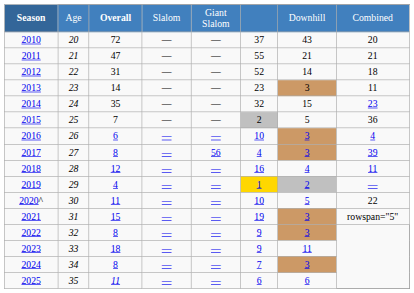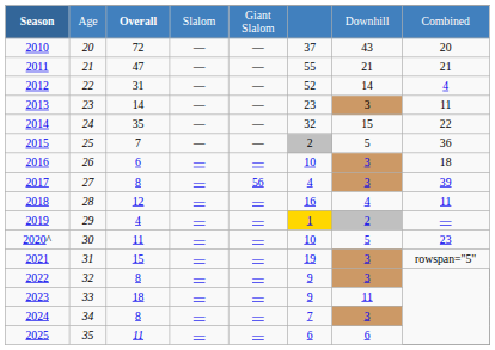 <table class="wikitable"  style="font-size:95%; text-align:center; border:gray solid 1px; width:40%;">
 <tr style="background:#369; color:white;">
 <td rowspan="2" style="width:6%;"><strong>Season</strong></td>
 </tr>
 <tr style="background:#4180be; color:white;">
 <td style="width:3%;">Age</td>
 <td style="width:5%;"><strong>Overall</strong></td>
 <td style="width:5%;">Slalom</td>
 <td style="width:5%;">Giant<br>Slalom</td>
 <td style="width:5%;"></td>
 <td style="width:5%;">Downhill</td>
 <td style="width:5%;">Combined</td>
 </tr>
 <tr>
 <td><a href='#'>2010</a></td>
 <td><em>20</em></td>
 <td>72</td>
 <td>—</td>
 <td>—</td>
 <td>37</td>
 <td>43</td>
 <td>20</td>
 </tr>
 <tr>
 <td><a href='#'>2011</a></td>
 <td><em>21</em></td>
 <td>47</td>
 <td>—</td>
 <td>—</td>
 <td>55</td>
 <td>21</td>
 <td>21</td>
 </tr>
 <tr>
 <td><a href='#'>2012</a></td>
 <td><em>22</em></td>
 <td>31</td>
 <td>—</td>
 <td>—</td>
 <td>52</td>
 <td>14</td>
-<td>18</td>
+<td><a href='#'>4</a></td>
 </tr>
 <tr>
 <td><a href='#'>2013</a></td>
 <td><em>23</em></td>
 <td>14</td>
 <td>—</td>
 <td>—</td>
 <td>23</td>
 <td bgcolor="cc9966">3</td>
 <td>11</td>
 </tr>
 <tr>
 <td><a href='#'>2014</a></td>
 <td><em>24</em></td>
 <td>35</td>
 <td>—</td>
 <td>—</td>
 <td>32</td>
 <td>15</td>
-<td><a href='#'>23</a></td>
+<td>22</td>
 </tr>
 <tr>
 <td><a href='#'>2015</a></td>
 <td><em>25</em></td>
 <td>7</td>
 <td>—</td>
 <td>—</td>
 <td style="background:silver;">2</td>
 <td>5</td>
 <td>36</td>
 </tr>
 <tr>
 <td><a href='#'>2016</a></td>
 <td><em>26</em></td>
 <td><a href='#'>6</a></td>
 <td><a href='#'>—</a></td>
 <td><a href='#'>—</a></td>
 <td><a href='#'>10</a></td>
 <td bgcolor="cc9966"><a href='#'>3</a></td>
-<td><a href='#'>4</a></td>
+<td>18</td>
 </tr>
 <tr>
 <td><a href='#'>2017</a></td>
 <td><em>27</em></td>
 <td><a href='#'>8</a></td>
 <td><a href='#'>—</a></td>
 <td><a href='#'>56</a></td>
 <td><a href='#'>4</a></td>
 <td bgcolor="cc9966"><a href='#'>3</a></td>
 <td><a href='#'>39</a></td>
 </tr>
 <tr>
 <td><a href='#'>2018</a></td>
 <td><em>28</em></td>
 <td><a href='#'>12</a></td>
 <td><a href='#'>—</a></td>
 <td><a href='#'>—</a></td>
 <td><a href='#'>16</a></td>
 <td><a href='#'>4</a></td>
 <td><a href='#'>11</a></td>
 </tr>
 <tr>
 <td><a href='#'>2019</a></td>
 <td><em>29</em></td>
 <td><a href='#'>4</a></td>
 <td><a href='#'>—</a></td>
 <td><a href='#'>—</a></td>
 <td style="background:gold;"><a href='#'>1</a></td>
 <td style="background:silver;"><a href='#'>2</a></td>
 <td><a href='#'>—</a></td>
 </tr>
 <tr>
 <td><a href='#'>2020</a>^</td>
 <td><em>30</em></td>
 <td><a href='#'>11</a></td>
 <td><a href='#'>—</a></td>
 <td><a href='#'>—</a></td>
 <td><a href='#'>10</a></td>
 <td><a href='#'>5</a></td>
-<td>22</td>
+<td><a href='#'>23</a></td>
 </tr>
 <tr>
 <td><a href='#'>2021</a></td>
 <td><em>31</em></td>
 <td><a href='#'>15</a></td>
 <td><a href='#'>—</a></td>
 <td><a href='#'>—</a></td>
 <td><a href='#'>19</a></td>
 <td style="background:#c96;"><a href='#'>3</a></td>
 <td>rowspan="5" </td>
 </tr>
 <tr>
 <td><a href='#'>2022</a></td>
 <td><em>32</em></td>
 <td><a href='#'>8</a></td>
 <td><a href='#'>—</a></td>
 <td><a href='#'>—</a></td>
 <td><a href='#'>9</a></td>
 <td style="background:#c96;"><a href='#'>3</a></td>
 </tr>
 <tr>
 <td><a href='#'>2023</a></td>
 <td><em>33</em></td>
 <td><a href='#'>18</a></td>
 <td><a href='#'>—</a></td>
 <td><a href='#'>—</a></td>
 <td><a href='#'>9</a></td>
 <td><a href='#'>11</a></td>
 </tr>
 <tr>
 <td><a href='#'>2024</a></td>
 <td><em>34</em></td>
 <td><a href='#'>8</a></td>
 <td><a href='#'>—</a></td>
 <td><a href='#'>—</a></td>
 <td><a href='#'>7</a></td>
 <td style="background:#c96;"><a href='#'>3</a></td>
 </tr>
 <tr>
 <td><a href='#'>2025</a></td>
 <td><em>35</em></td>
 <td><a href='#'><em>11</em></a></td>
 <td><a href='#'>—</a></td>
 <td><a href='#'>—</a></td>
 <td><a href='#'>6</a></td>
 <td><a href='#'>6</a></td>
 </tr>
 </table>
